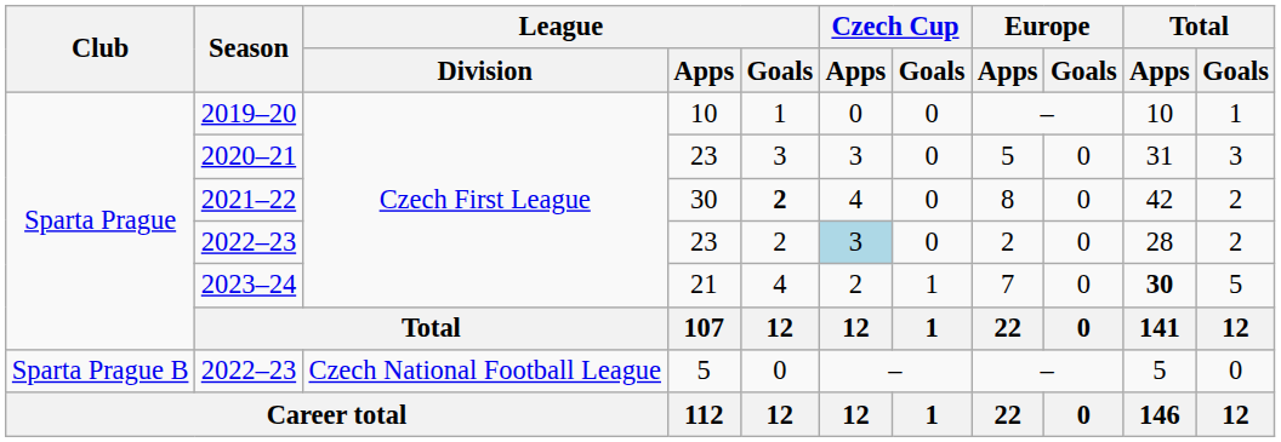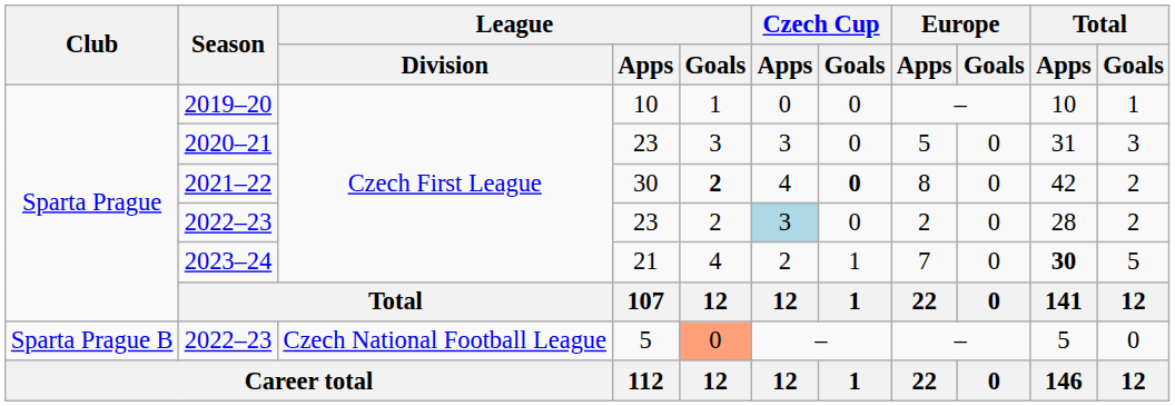 <table class="wikitable" style="text-align:center">
 <tr>
 <th rowspan="2">Club</th>
 <th rowspan="2">Season</th>
 <th colspan="3">League</th>
 <th colspan="2"><a href='#'>Czech Cup</a></th>
 <th colspan="2">Europe</th>
 <th colspan="2">Total</th>
 </tr>
 <tr>
 <th>Division</th>
 <th>Apps</th>
 <th>Goals</th>
 <th>Apps</th>
 <th>Goals</th>
 <th>Apps</th>
 <th>Goals</th>
 <th>Apps</th>
 <th>Goals</th>
 </tr>
 <tr>
 <td rowspan="6"><a href='#'>Sparta Prague</a></td>
 <td><a href='#'>2019–20</a></td>
 <td rowspan="5"><a href='#'>Czech First League</a></td>
 <td>10</td>
 <td>1</td>
 <td>0</td>
 <td>0</td>
 <td colspan="2">–</td>
 <td>10</td>
 <td>1</td>
 </tr>
 <tr>
 <td><a href='#'>2020–21</a></td>
 <td>23</td>
 <td>3</td>
 <td>3</td>
 <td>0</td>
 <td>5</td>
 <td>0</td>
 <td>31</td>
 <td>3</td>
 </tr>
 <tr>
 <td><a href='#'>2021–22</a></td>
 <td>30</td>
 <td><strong>2</strong></td>
 <td>4</td>
-<td>0</td>
+<td><strong>0</strong></td>
 <td>8</td>
 <td>0</td>
 <td>42</td>
 <td>2</td>
 </tr>
 <tr>
 <td><a href='#'>2022–23</a></td>
 <td>23</td>
 <td>2</td>
 <td style="background: lightblue;">3</td>
 <td>0</td>
 <td>2</td>
 <td>0</td>
 <td>28</td>
 <td>2</td>
 </tr>
 <tr>
 <td><a href='#'>2023–24</a></td>
 <td>21</td>
 <td>4</td>
 <td>2</td>
 <td>1</td>
 <td>7</td>
 <td>0</td>
 <td><strong>30</strong></td>
 <td>5</td>
 </tr>
 <tr>
 <th colspan="2">Total</th>
 <th>107</th>
 <th>12</th>
 <th>12</th>
 <th>1</th>
 <th>22</th>
 <th>0</th>
 <th>141</th>
 <th>12</th>
 </tr>
 <tr>
 <td><a href='#'>Sparta Prague B</a></td>
 <td><a href='#'>2022–23</a></td>
 <td><a href='#'>Czech National Football League</a></td>
 <td>5</td>
-<td>0</td>
+<td style="background: lightsalmon;">0</td>
 <td colspan="2">–</td>
 <td colspan="2">–</td>
 <td>5</td>
 <td>0</td>
 </tr>
 <tr>
 <th colspan="3">Career total</th>
 <th>112</th>
 <th>12</th>
 <th>12</th>
 <th>1</th>
 <th>22</th>
 <th>0</th>
 <th>146</th>
 <th>12</th>
 </tr>
 </table>
